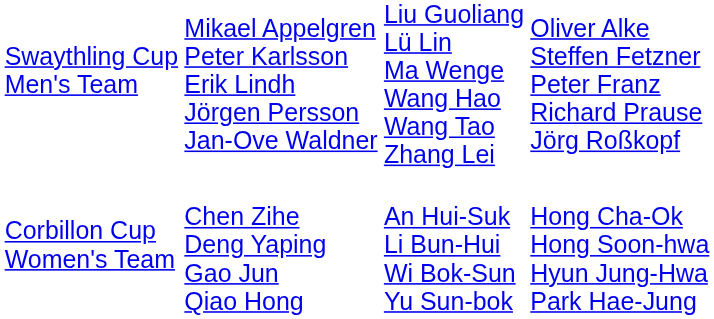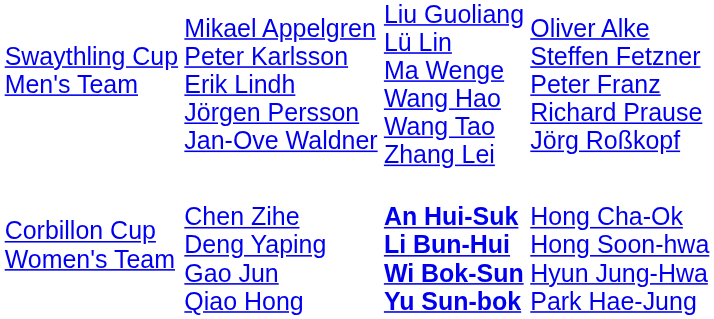 <table>
 <tr>
 <td><a href='#'>Swaythling Cup<br>Men's Team</a></td>
 <td><br><a href='#'>Mikael Appelgren</a><br><a href='#'>Peter Karlsson</a><br><a href='#'>Erik Lindh</a><br><a href='#'>Jörgen Persson</a><br><a href='#'>Jan-Ove Waldner</a></td>
 <td><br><a href='#'>Liu Guoliang</a><br><a href='#'>Lü Lin</a><br><a href='#'>Ma Wenge</a><br><a href='#'>Wang Hao</a><br><a href='#'>Wang Tao</a><br><a href='#'>Zhang Lei</a></td>
 <td><br><a href='#'>Oliver Alke</a><br><a href='#'>Steffen Fetzner</a><br><a href='#'>Peter Franz</a><br><a href='#'>Richard Prause</a><br><a href='#'>Jörg Roßkopf</a></td>
 </tr>
 <tr>
 <td><a href='#'>Corbillon Cup<br>Women's Team</a></td>
 <td><br><a href='#'>Chen Zihe</a><br><a href='#'>Deng Yaping</a><br><a href='#'>Gao Jun</a><br><a href='#'>Qiao Hong</a></td>
-<td><br><a href='#'>An Hui-Suk</a><br><a href='#'>Li Bun-Hui</a><br><a href='#'>Wi Bok-Sun</a><br><a href='#'>Yu Sun-bok</a></td>
+<td><strong><br><a href='#'>An Hui-Suk</a><br><a href='#'>Li Bun-Hui</a><br><a href='#'>Wi Bok-Sun</a><br><a href='#'>Yu Sun-bok</a></strong></td>
 <td><br><a href='#'>Hong Cha-Ok</a><br><a href='#'>Hong Soon-hwa</a><br><a href='#'>Hyun Jung-Hwa</a><br><a href='#'>Park Hae-Jung</a></td>
 </tr>
 </table>
